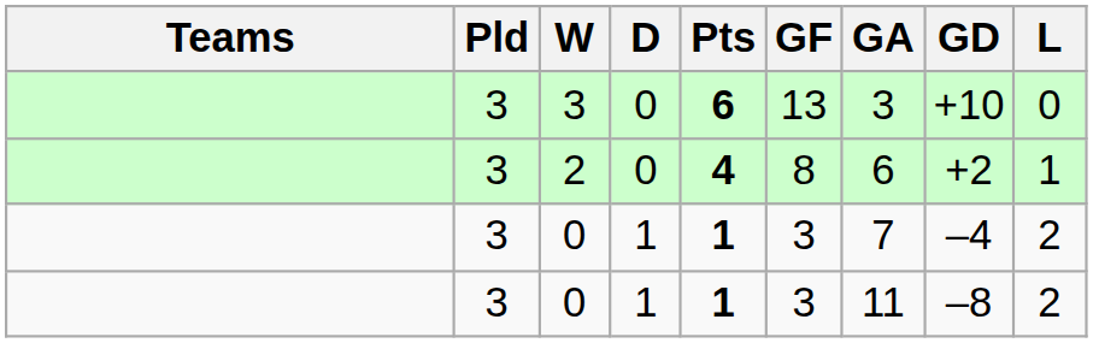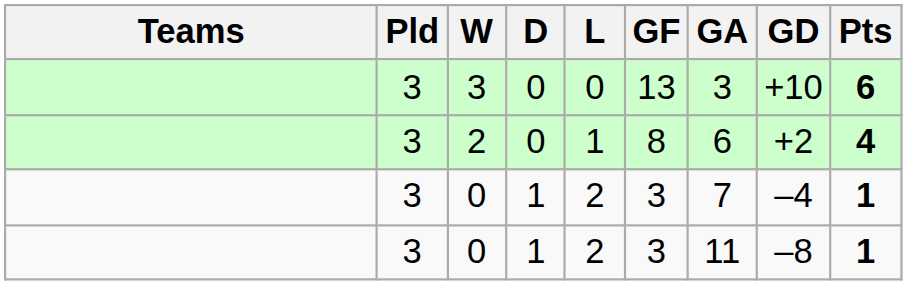 <table class="wikitable" style="text-align: center;">
 <tr>
 <th width=165>Teams</th>
 <th width=20>Pld</th>
 <th width=20>W</th>
 <th width=20>D</th>
-<th width=20>Pts</th>
+<th width=20>L</th>
 <th width=20>GF</th>
 <th width=20>GA</th>
 <th width=20>GD</th>
-<th width=20>L</th>
+<th width=20>Pts</th>
 </tr>
 <tr align=center style="background:#ccffcc;">
 <td style="text-align:left;"></td>
 <td>3</td>
 <td>3</td>
 <td>0</td>
-<td><strong>6</strong></td>
+<td>0</td>
 <td>13</td>
 <td>3</td>
 <td>+10</td>
-<td>0</td>
+<td><strong>6</strong></td>
 </tr>
 <tr align=center style="background:#ccffcc;">
 <td style="text-align:left;"></td>
 <td>3</td>
 <td>2</td>
 <td>0</td>
-<td><strong>4</strong></td>
+<td>1</td>
 <td>8</td>
 <td>6</td>
 <td>+2</td>
-<td>1</td>
+<td><strong>4</strong></td>
 </tr>
 <tr align=center>
 <td style="text-align:left;"></td>
 <td>3</td>
 <td>0</td>
 <td>1</td>
-<td><strong>1</strong></td>
+<td>2</td>
 <td>3</td>
 <td>7</td>
 <td>–4</td>
-<td>2</td>
+<td><strong>1</strong></td>
 </tr>
 <tr align=center>
 <td style="text-align:left;"></td>
 <td>3</td>
 <td>0</td>
 <td>1</td>
-<td><strong>1</strong></td>
+<td>2</td>
 <td>3</td>
 <td>11</td>
 <td>–8</td>
-<td>2</td>
+<td><strong>1</strong></td>
 </tr>
 </table>
